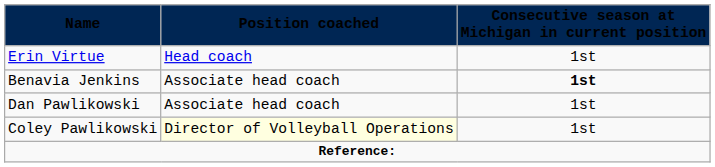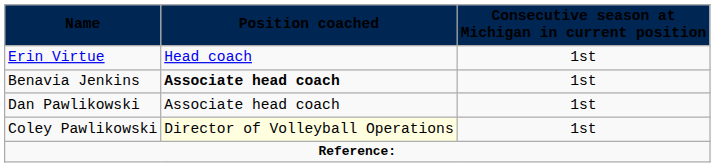 <table class="wikitable" style="font-size:93%;">
 <tr>
 <th style="background:#002654;"><span>Name</span></th>
 <th style="background:#002654;"><span>Position coached</span></th>
 <th style="background:#002654;"><span>Consecutive season at<br>Michigan in current position</span></th>
 </tr>
 <tr>
 <td><a href='#'>Erin Virtue</a></td>
 <td><a href='#'>Head coach</a></td>
 <td align=center>1st</td>
 </tr>
 <tr>
 <td>Benavia Jenkins</td>
-<td>Associate head coach</td>
-<td align=center><strong>1st</strong></td>
+<td><strong>Associate head coach</strong></td>
+<td align=center>1st</td>
 </tr>
 <tr>
 <td>Dan Pawlikowski</td>
 <td>Associate head coach</td>
 <td align=center>1st</td>
 </tr>
 <tr>
 <td>Coley Pawlikowski</td>
 <td style="background: lightyellow;">Director of Volleyball Operations</td>
 <td align=center>1st</td>
 </tr>
 <tr>
 <td colspan="4"  style="font-size:8pt; text-align:center;"><strong>Reference:</strong></td>
 </tr>
 </table>
